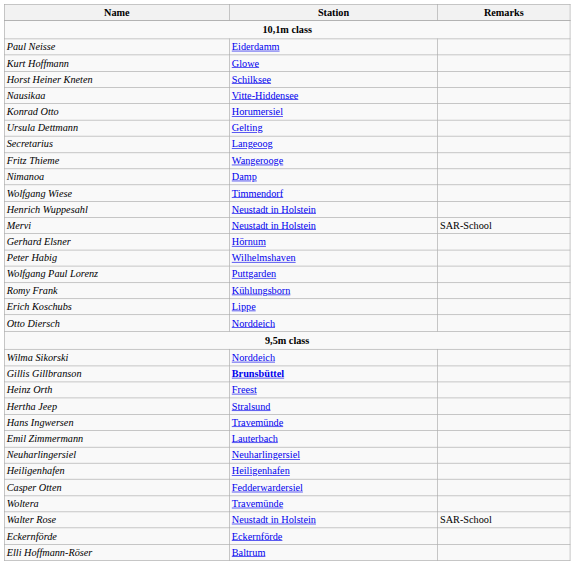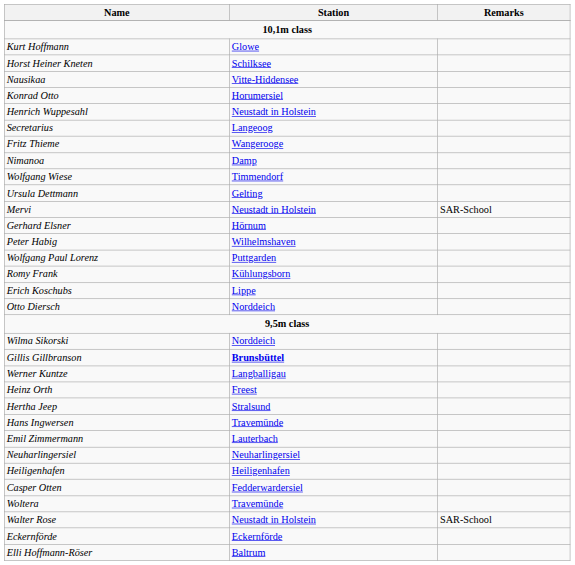 <table class="wikitable" width="70%">
 <tr>
 <th><strong>Name</strong></th>
 <th><strong>Station</strong></th>
 <th><strong>Remarks</strong></th>
 </tr>
 <tr>
 </tr>
 <tr>
 <td colspan="3" style="background color:#cfcfcf; text-align:center; padding:0.3em"><strong>10,1m class</strong></td>
-</tr>
-<tr>
-<td><em>Paul Neisse</em></td>
-<td><a href='#'>Eiderdamm</a></td>
-<td></td>
 </tr>
 <tr>
 <td><em>Kurt Hoffmann</em></td>
 <td><a href='#'>Glowe</a></td>
 <td></td>
 </tr>
 <tr>
 <td><em>Horst Heiner Kneten</em></td>
 <td><a href='#'>Schilksee</a></td>
 <td></td>
 </tr>
 <tr>
 <td><em>Nausikaa</em></td>
 <td><a href='#'>Vitte-Hiddensee</a></td>
 <td></td>
 </tr>
 <tr>
 <td><em>Konrad Otto</em></td>
 <td><a href='#'>Horumersiel</a></td>
 <td></td>
 </tr>
 <tr>
-<td><em>Ursula Dettmann</em></td>
-<td><a href='#'>Gelting</a></td>
+<td><em>Henrich Wuppesahl</em></td>
+<td><a href='#'>Neustadt in Holstein</a></td>
 <td></td>
 </tr>
 <tr>
 <td><em>Secretarius</em></td>
 <td><a href='#'>Langeoog</a></td>
 <td></td>
 </tr>
 <tr>
 <td><em>Fritz Thieme</em></td>
 <td><a href='#'>Wangerooge</a></td>
 <td></td>
 </tr>
 <tr>
 <td><em>Nimanoa</em></td>
 <td><a href='#'>Damp</a></td>
 <td></td>
 </tr>
 <tr>
 <td><em>Wolfgang Wiese</em></td>
 <td><a href='#'>Timmendorf</a></td>
 <td></td>
 </tr>
 <tr>
-<td><em>Henrich Wuppesahl</em></td>
-<td><a href='#'>Neustadt in Holstein</a></td>
+<td><em>Ursula Dettmann</em></td>
+<td><a href='#'>Gelting</a></td>
 <td></td>
 </tr>
 <tr>
 <td><em>Mervi</em></td>
 <td><a href='#'>Neustadt in Holstein</a></td>
 <td>SAR-School</td>
 </tr>
 <tr>
 <td><em>Gerhard Elsner</em></td>
 <td><a href='#'>Hörnum</a></td>
 <td></td>
 </tr>
 <tr>
 <td><em>Peter Habig</em></td>
 <td><a href='#'>Wilhelmshaven</a></td>
 <td></td>
 </tr>
 <tr>
 <td><em>Wolfgang Paul Lorenz</em></td>
 <td><a href='#'>Puttgarden</a></td>
 <td></td>
 </tr>
 <tr>
 <td><em>Romy Frank</em></td>
 <td><a href='#'>Kühlungsborn</a></td>
 <td></td>
 </tr>
 <tr>
 <td><em>Erich Koschubs</em></td>
 <td><a href='#'>Lippe</a></td>
 <td></td>
 </tr>
 <tr>
 <td><em>Otto Diersch</em></td>
 <td><a href='#'>Norddeich</a></td>
 <td></td>
 </tr>
 <tr>
 <td colspan="3" style="background color:#cfcfcf; text-align:center; padding:0.3em"><strong>9,5m class</strong></td>
 </tr>
 <tr>
 <td><em>Wilma Sikorski</em></td>
 <td><a href='#'>Norddeich</a></td>
 <td></td>
 </tr>
 <tr>
 <td><em>Gillis Gillbranson</em></td>
 <td><strong><a href='#'>Brunsbüttel</a></strong></td>
+<td></td>
+</tr>
+<tr>
+<td><em>Werner Kuntze</em></td>
+<td><a href='#'>Langballigau</a></td>
 <td></td>
 </tr>
 <tr>
 <td><em>Heinz Orth</em></td>
 <td><a href='#'>Freest</a></td>
 <td></td>
 </tr>
 <tr>
 <td><em>Hertha Jeep</em></td>
 <td><a href='#'>Stralsund</a></td>
 <td></td>
 </tr>
 <tr>
 <td><em>Hans Ingwersen</em></td>
 <td><a href='#'>Travemünde</a></td>
 <td></td>
 </tr>
 <tr>
 <td><em>Emil Zimmermann</em></td>
 <td><a href='#'>Lauterbach</a></td>
 <td></td>
 </tr>
 <tr>
 <td><em>Neuharlingersiel</em></td>
 <td><a href='#'>Neuharlingersiel</a></td>
 <td></td>
 </tr>
 <tr>
 <td><em>Heiligenhafen</em></td>
 <td><a href='#'>Heiligenhafen</a></td>
 <td></td>
 </tr>
 <tr>
 <td><em>Casper Otten</em></td>
 <td><a href='#'>Fedderwardersiel</a></td>
 <td></td>
 </tr>
 <tr>
 <td><em>Woltera</em></td>
 <td><a href='#'>Travemünde</a></td>
 <td></td>
 </tr>
 <tr>
 <td><em>Walter Rose</em></td>
 <td><a href='#'>Neustadt in Holstein</a></td>
 <td>SAR-School</td>
 </tr>
 <tr>
 <td><em>Eckernförde</em></td>
 <td><a href='#'>Eckernförde</a></td>
 <td></td>
 </tr>
 <tr>
 <td><em>Elli Hoffmann-Röser</em></td>
 <td><a href='#'>Baltrum</a></td>
 <td></td>
 </tr>
 </table>
